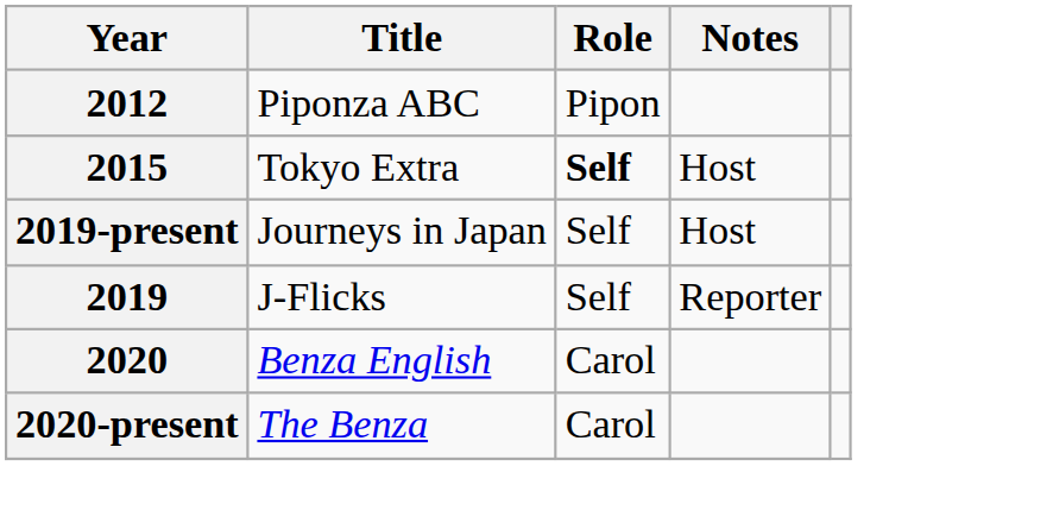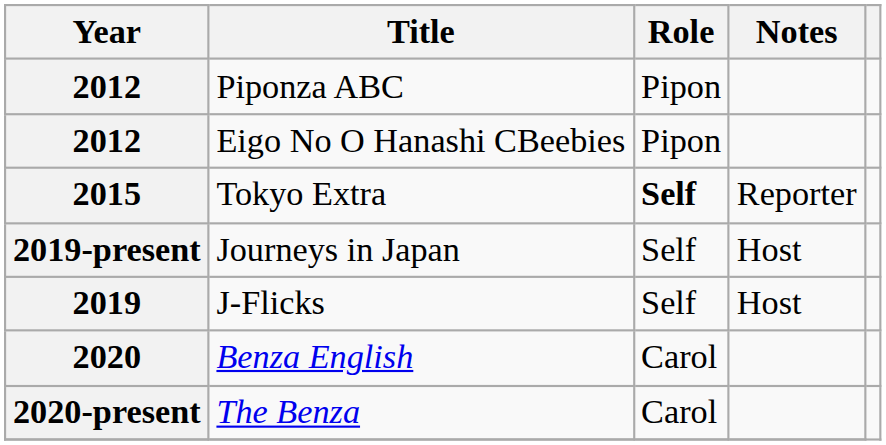 <table class="wikitable plainrowheaders sortable">
 <tr>
 <th>Year</th>
 <th>Title</th>
 <th>Role</th>
 <th class="unsortable">Notes</th>
 <th class="unsortable"></th>
 </tr>
 <tr>
 <th scope="row">2012</th>
 <td>Piponza ABC</td>
 <td>Pipon</td>
 <td></td>
 <td style="text-align:center;"></td>
 </tr>
 <tr>
+<th scope="row">2012</th>
+<td>Eigo No O Hanashi CBeebies</td>
+<td>Pipon</td>
+<td></td>
+<td style="text-align:center;"></td>
+</tr>
+<tr>
 <th scope="row">2015</th>
 <td>Tokyo Extra</td>
 <td><strong>Self</strong></td>
-<td>Host</td>
+<td>Reporter</td>
 <td style="text-align:center;"></td>
 </tr>
 <tr>
 <th scope="row">2019-present</th>
 <td>Journeys in Japan</td>
 <td>Self</td>
 <td>Host</td>
 <td style="text-align:center;"></td>
 </tr>
 <tr>
 <th scope="row">2019</th>
 <td>J-Flicks</td>
 <td>Self</td>
-<td>Reporter</td>
+<td>Host</td>
 <td style="text-align:center;"></td>
 </tr>
 <tr>
 <th scope="row">2020</th>
 <td><em><a href='#'>Benza English</a></em></td>
 <td>Carol</td>
 <td></td>
 <td style="text-align:center;"></td>
 </tr>
 <tr>
 <th scope="row">2020-present</th>
 <td><em><a href='#'>The Benza</a></em></td>
 <td>Carol</td>
 <td></td>
 </tr>
 <tr>
 </tr>
 </table>
